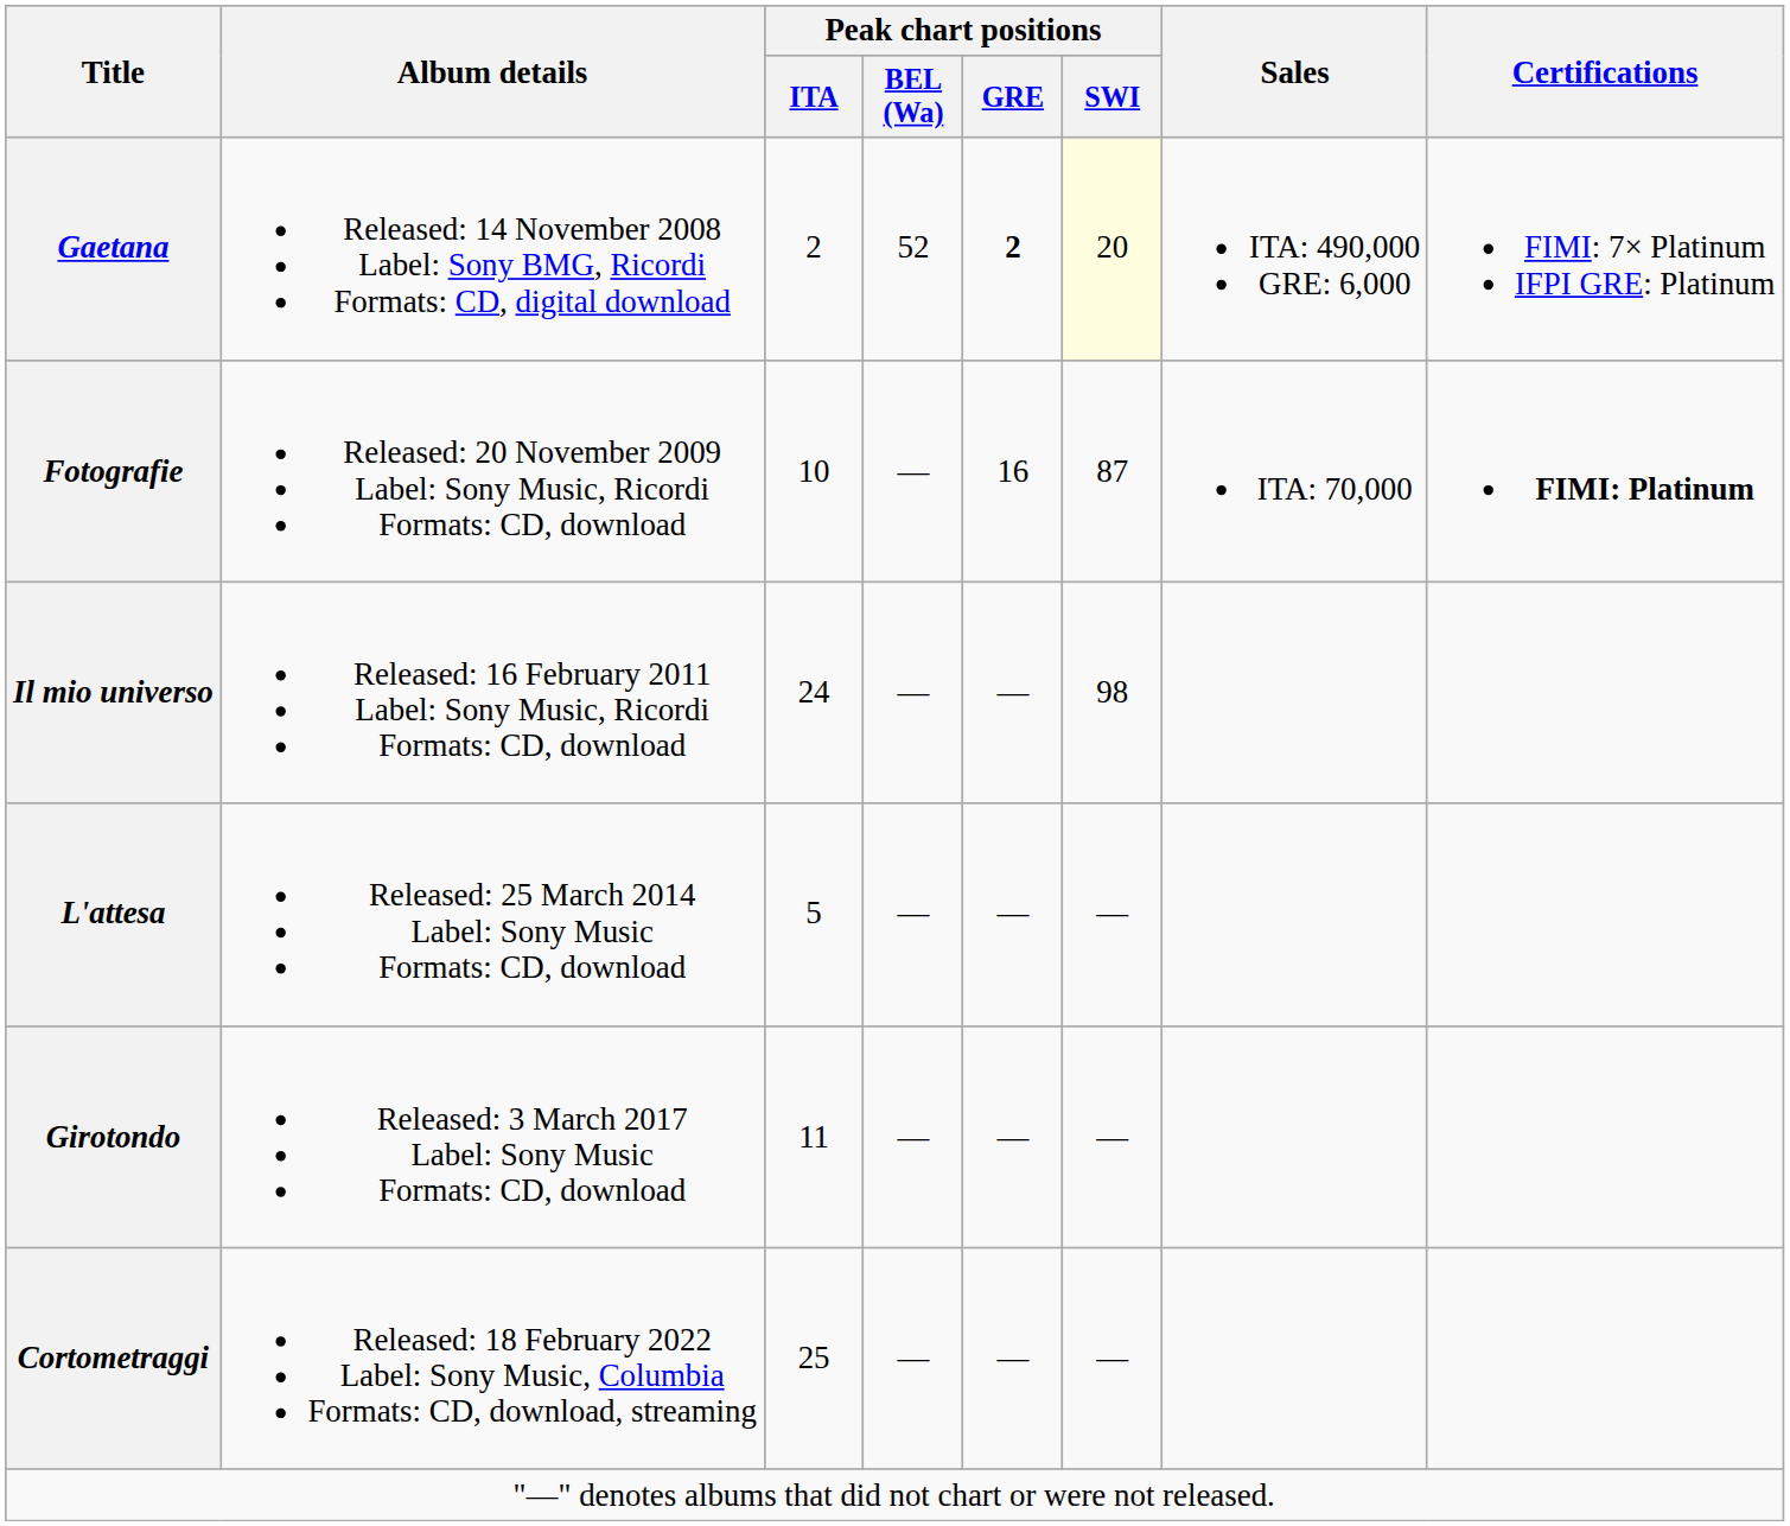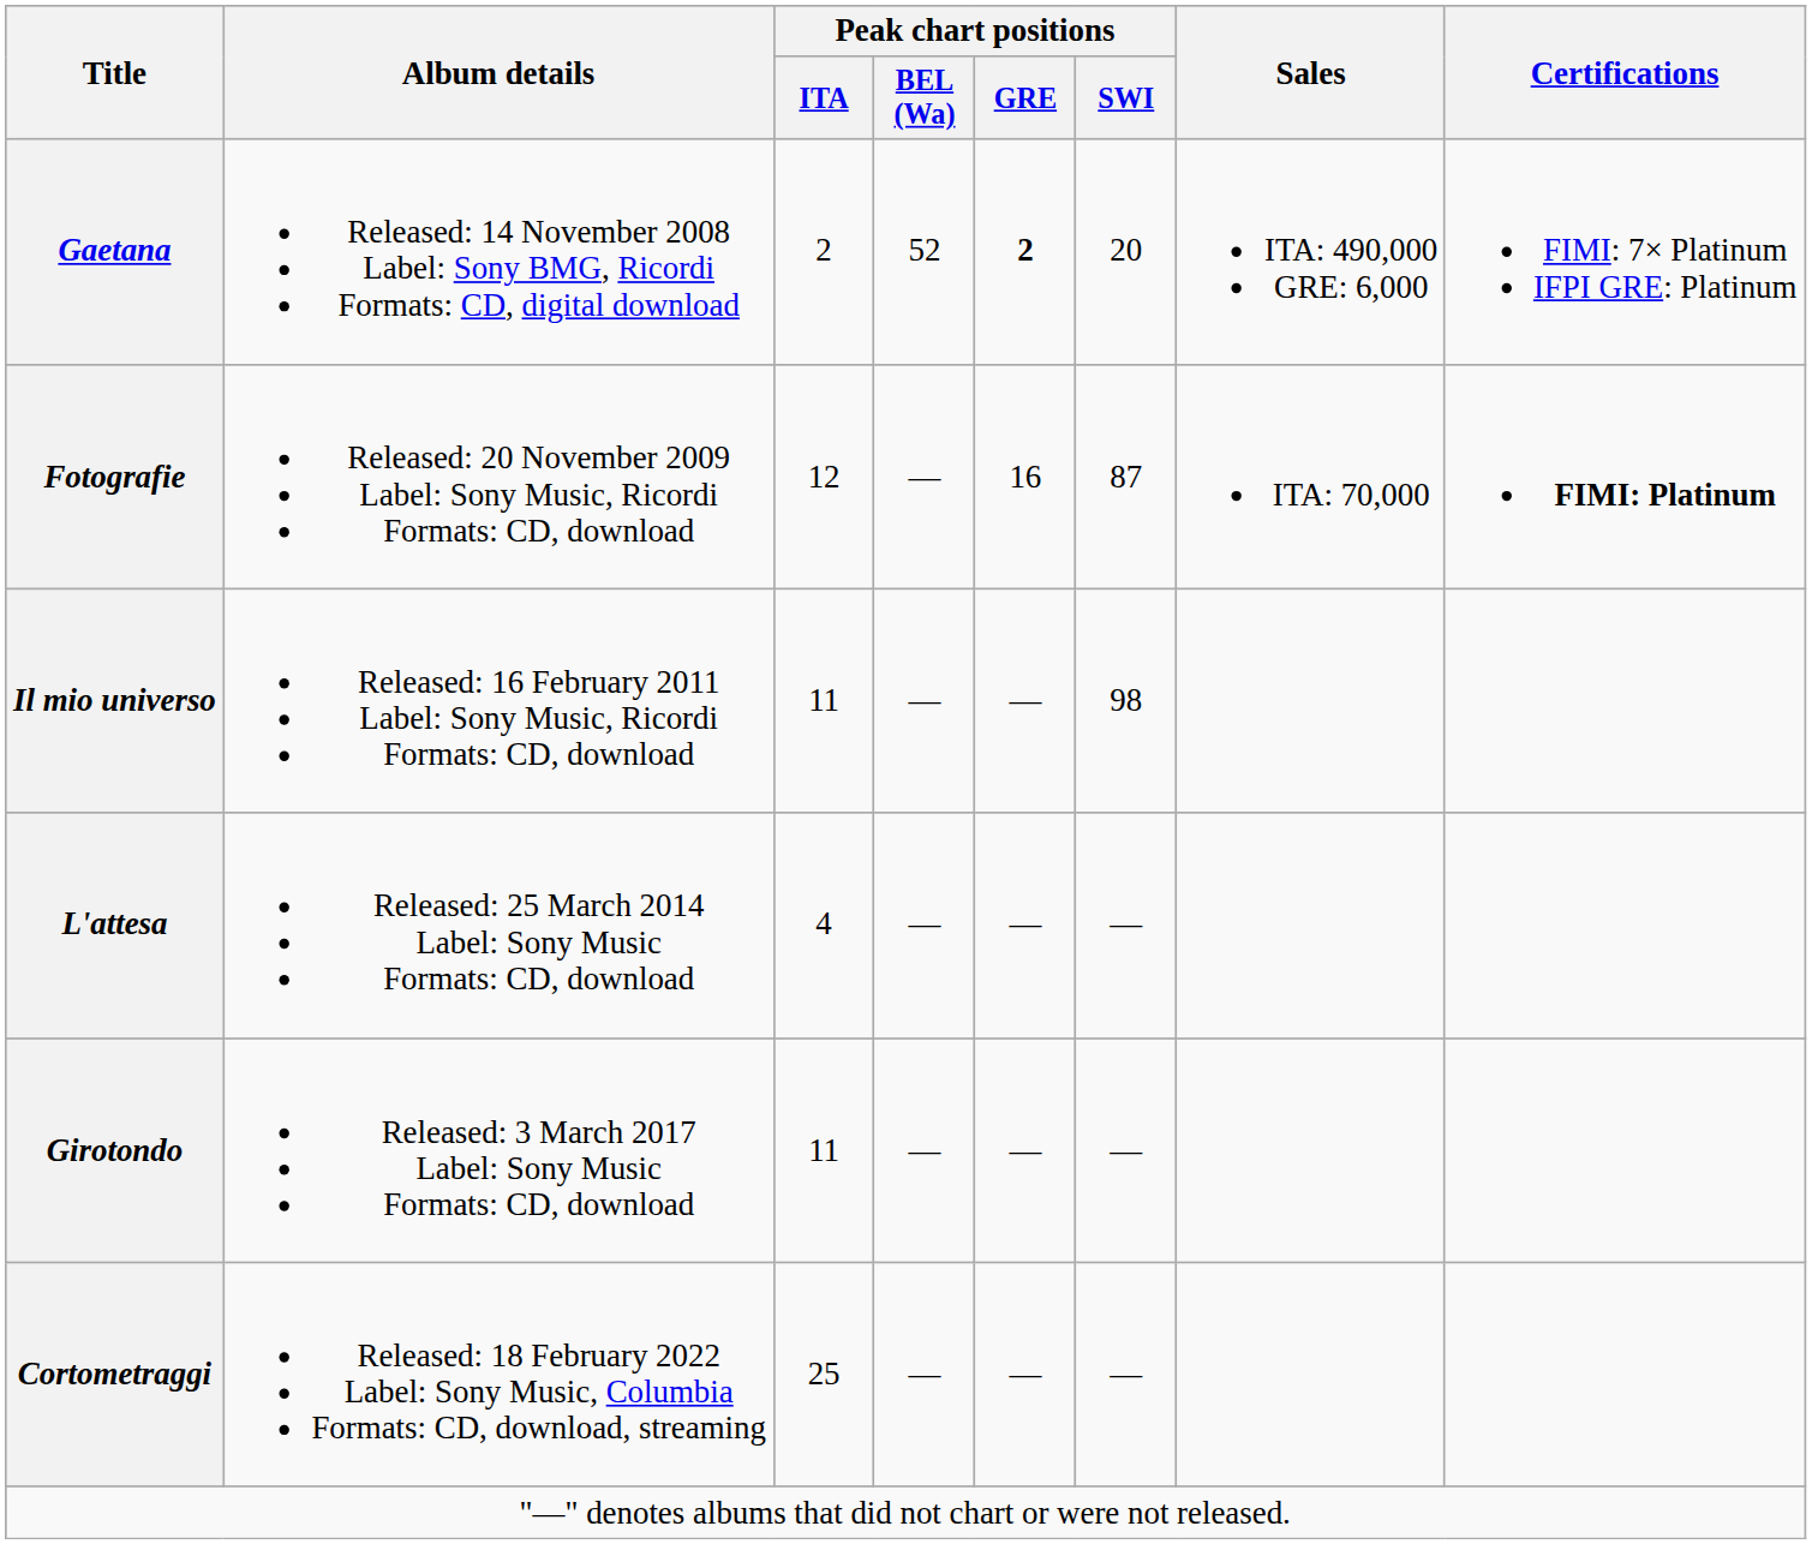 <table class="wikitable plainrowheaders" style="text-align:center;" border="1">
 <tr>
 <th scope="column" rowspan="2">Title</th>
 <th scope="column" rowspan="2">Album details</th>
 <th scope="column" colspan="4">Peak chart positions</th>
 <th scope="column" rowspan="2">Sales</th>
 <th scope="column" rowspan="2"><a href='#'>Certifications</a></th>
 </tr>
 <tr>
 <th scope="col" style="width:3em;font-size:90%;"><a href='#'>ITA</a><br></th>
 <th scope="col" style="width:3em;font-size:90%;"><a href='#'>BEL (Wa)</a><br></th>
 <th scope="col" style="width:3em;font-size:90%;"><a href='#'>GRE</a><br></th>
 <th scope="col" style="width:3em;font-size:90%;"><a href='#'>SWI</a><br></th>
 </tr>
 <tr>
 <th scope="row"><em><a href='#'>Gaetana</a></em></th>
 <td style="texta-align:left;"><br><ul><li>Released: 14 November 2008</li><li>Label: <a href='#'>Sony BMG</a>, <a href='#'>Ricordi</a></li><li>Formats: <a href='#'>CD</a>, <a href='#'>digital download</a></li></ul></td>
 <td>2</td>
 <td>52</td>
 <td><strong>2</strong></td>
-<td style="background: lightyellow;">20</td>
+<td>20</td>
 <td><br><ul><li>ITA: 490,000</li><li>GRE: 6,000</li></ul></td>
 <td><br><ul><li><a href='#'>FIMI</a>: 7× Platinum</li><li><a href='#'>IFPI GRE</a>: Platinum</li></ul></td>
 </tr>
 <tr>
 <th scope="row"><em>Fotografie</em></th>
 <td><br><ul><li>Released: 20 November 2009</li><li>Label: Sony Music, Ricordi</li><li>Formats: CD, download</li></ul></td>
-<td>10</td>
+<td>12</td>
 <td>—</td>
 <td>16</td>
 <td>87</td>
 <td><br><ul><li>ITA: 70,000</li></ul></td>
 <td><strong><br><ul><li>FIMI: Platinum</li></ul></strong></td>
 </tr>
 <tr>
 <th scope="row"><em>Il mio universo</em></th>
 <td><br><ul><li>Released: 16 February 2011</li><li>Label: Sony Music, Ricordi</li><li>Formats: CD, download</li></ul></td>
-<td>24</td>
+<td>11</td>
 <td>—</td>
 <td>—</td>
 <td>98</td>
 <td></td>
 <td></td>
 </tr>
 <tr>
 <th scope="row"><em>L'attesa</em></th>
 <td><br><ul><li>Released: 25 March 2014</li><li>Label: Sony Music</li><li>Formats: CD, download</li></ul></td>
-<td>5</td>
+<td>4</td>
 <td>—</td>
 <td>—</td>
 <td>—</td>
 <td></td>
 <td></td>
 </tr>
 <tr>
 <th scope="row"><em>Girotondo</em></th>
 <td><br><ul><li>Released: 3 March 2017</li><li>Label: Sony Music</li><li>Formats: CD, download</li></ul></td>
 <td>11</td>
 <td>—</td>
 <td>—</td>
 <td>—</td>
 <td></td>
 <td></td>
 </tr>
 <tr>
 <th scope="row"><em>Cortometraggi</em></th>
 <td><br><ul><li>Released: 18 February 2022</li><li>Label: Sony Music, <a href='#'>Columbia</a></li><li>Formats: CD, download, streaming</li></ul></td>
 <td>25<br></td>
 <td>—</td>
 <td>—</td>
 <td>—</td>
 <td></td>
 <td></td>
 </tr>
 <tr>
 <td colspan="20">"—" denotes albums that did not chart or were not released.</td>
 </tr>
 </table>
